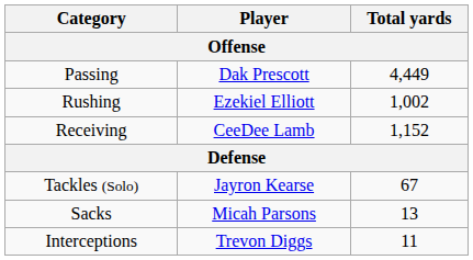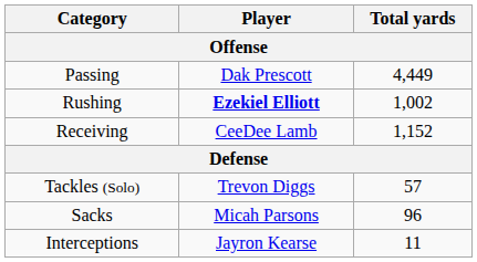 <table class="wikitable" style="text-align:center">
 <tr>
 <th width="150">Category</th>
 <th width="150">Player</th>
 <th width="100">Total yards</th>
 </tr>
 <tr>
 <th align="center" colspan="4">Offense</th>
 </tr>
 <tr>
 <td>Passing</td>
 <td><a href='#'>Dak Prescott</a></td>
 <td>4,449</td>
 </tr>
 <tr>
 <td>Rushing</td>
-<td><a href='#'>Ezekiel Elliott</a></td>
+<td><strong><a href='#'>Ezekiel Elliott</a></strong></td>
 <td>1,002</td>
 </tr>
 <tr>
 <td>Receiving</td>
 <td><a href='#'>CeeDee Lamb</a></td>
 <td>1,152</td>
 </tr>
 <tr>
 <th align="center" colspan="4">Defense</th>
 </tr>
 <tr>
 <td>Tackles <small>(Solo)</small></td>
-<td><a href='#'>Jayron Kearse</a></td>
-<td>67</td>
+<td><a href='#'>Trevon Diggs</a></td>
+<td>57</td>
 </tr>
 <tr>
 <td>Sacks</td>
 <td><a href='#'>Micah Parsons</a></td>
-<td>13</td>
+<td>96</td>
 </tr>
 <tr>
 <td>Interceptions</td>
-<td><a href='#'>Trevon Diggs</a></td>
+<td><a href='#'>Jayron Kearse</a></td>
 <td>11</td>
 </tr>
 </table>
